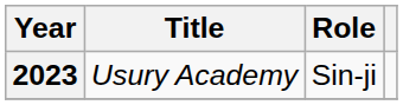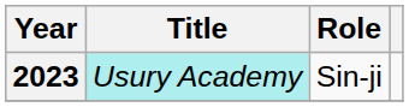 <table class="wikitable plainrowheaders">
 <tr>
 <th scope="col">Year</th>
 <th scope="col">Title</th>
 <th scope="col">Role</th>
 <th scope="col" class="unsortable"></th>
 </tr>
 <tr>
 <th scope="row">2023</th>
-<td><em>Usury Academy</em></td>
+<td style="background: paleturquoise;"><em>Usury Academy</em></td>
 <td>Sin-ji</td>
 <td style="text-align:center"></td>
 </tr>
 <tr>
 </tr>
 </table>
